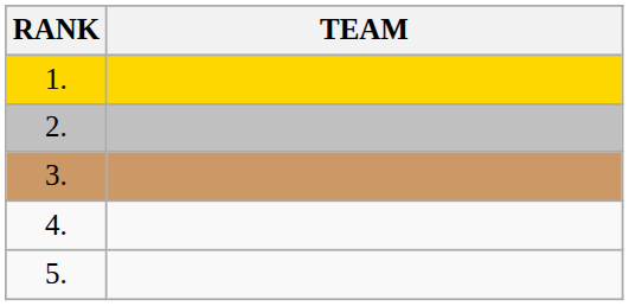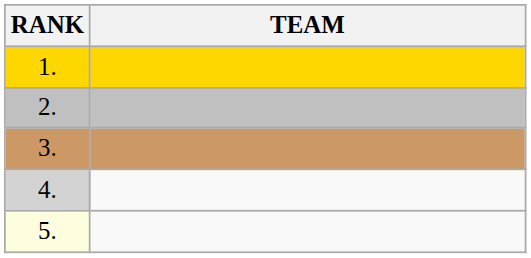 <table class="wikitable" style="border-collapse: collapse; font-size: 90%;">
 <tr>
 <th>RANK</th>
 <th align="left" style="width: 17em">TEAM</th>
 </tr>
 <tr bgcolor=gold>
 <td align="center">1.</td>
 <td></td>
 </tr>
 <tr bgcolor=silver>
 <td align="center">2.</td>
 <td></td>
 </tr>
 <tr bgcolor=#cc9966>
 <td align="center">3.</td>
 <td></td>
 </tr>
 <tr>
-<td align="center">4.</td>
+<td align="center" style="background: lightgrey;">4.</td>
 <td></td>
 </tr>
 <tr>
-<td align="center">5.</td>
+<td align="center" style="background: lightyellow;">5.</td>
 <td></td>
 </tr>
 </table>
